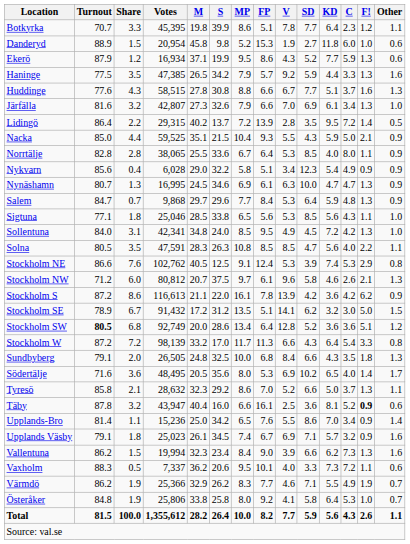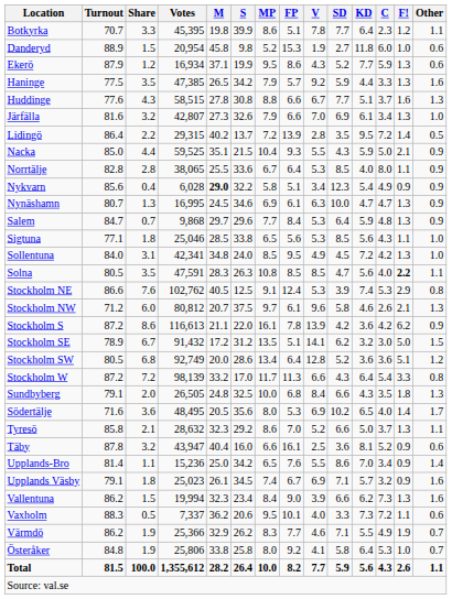 <table class="wikitable sortable" style=text-align:right>
 <tr>
 <th>Location</th>
 <th>Turnout</th>
 <th>Share</th>
 <th>Votes</th>
 <th><a href='#'>M</a></th>
 <th><a href='#'>S</a></th>
 <th><a href='#'>MP</a></th>
 <th><a href='#'>FP</a></th>
 <th><a href='#'>V</a></th>
 <th><a href='#'>SD</a></th>
 <th><a href='#'>KD</a></th>
 <th><a href='#'>C</a></th>
 <th><a href='#'>F!</a></th>
 <th>Other</th>
 </tr>
 <tr>
 <td align=left><a href='#'>Botkyrka</a></td>
 <td>70.7</td>
 <td>3.3</td>
 <td>45,395</td>
 <td>19.8</td>
 <td>39.9</td>
 <td>8.6</td>
 <td>5.1</td>
 <td>7.8</td>
 <td>7.7</td>
 <td>6.4</td>
 <td>2.3</td>
 <td>1.2</td>
 <td>1.1</td>
 </tr>
 <tr>
 <td align=left><a href='#'>Danderyd</a></td>
 <td>88.9</td>
 <td>1.5</td>
 <td>20,954</td>
 <td>45.8</td>
 <td>9.8</td>
 <td>5.2</td>
 <td>15.3</td>
 <td>1.9</td>
 <td>2.7</td>
 <td>11.8</td>
 <td>6.0</td>
 <td>1.0</td>
 <td>0.6</td>
 </tr>
 <tr>
 <td align=left><a href='#'>Ekerö</a></td>
 <td>87.9</td>
 <td>1.2</td>
 <td>16,934</td>
 <td>37.1</td>
 <td>19.9</td>
 <td>9.5</td>
 <td>8.6</td>
 <td>4.3</td>
 <td>5.2</td>
 <td>7.7</td>
 <td>5.9</td>
 <td>1.3</td>
 <td>0.6</td>
 </tr>
 <tr>
 <td align=left><a href='#'>Haninge</a></td>
 <td>77.5</td>
 <td>3.5</td>
 <td>47,385</td>
 <td>26.5</td>
 <td>34.2</td>
 <td>7.9</td>
 <td>5.7</td>
 <td>9.2</td>
 <td>5.9</td>
 <td>4.4</td>
 <td>3.3</td>
 <td>1.3</td>
 <td>1.6</td>
 </tr>
 <tr>
 <td align=left><a href='#'>Huddinge</a></td>
 <td>77.6</td>
 <td>4.3</td>
 <td>58,515</td>
 <td>27.8</td>
 <td>30.8</td>
 <td>8.8</td>
 <td>6.6</td>
 <td>6.7</td>
 <td>7.7</td>
 <td>5.1</td>
 <td>3.7</td>
 <td>1.6</td>
 <td>1.3</td>
 </tr>
 <tr>
 <td align=left><a href='#'>Järfälla</a></td>
 <td>81.6</td>
 <td>3.2</td>
 <td>42,807</td>
 <td>27.3</td>
 <td>32.6</td>
 <td>7.9</td>
 <td>6.6</td>
 <td>7.0</td>
 <td>6.9</td>
 <td>6.1</td>
 <td>3.4</td>
 <td>1.3</td>
 <td>1.0</td>
 </tr>
 <tr>
 <td align=left><a href='#'>Lidingö</a></td>
 <td>86.4</td>
 <td>2.2</td>
 <td>29,315</td>
 <td>40.2</td>
 <td>13.7</td>
 <td>7.2</td>
 <td>13.9</td>
 <td>2.8</td>
 <td>3.5</td>
 <td>9.5</td>
 <td>7.2</td>
 <td>1.4</td>
 <td>0.5</td>
 </tr>
 <tr>
 <td align=left><a href='#'>Nacka</a></td>
 <td>85.0</td>
 <td>4.4</td>
 <td>59,525</td>
 <td>35.1</td>
 <td>21.5</td>
 <td>10.4</td>
 <td>9.3</td>
 <td>5.5</td>
 <td>4.3</td>
 <td>5.9</td>
 <td>5.0</td>
 <td>2.1</td>
 <td>0.9</td>
 </tr>
 <tr>
 <td align=left><a href='#'>Norrtälje</a></td>
 <td>82.8</td>
 <td>2.8</td>
 <td>38,065</td>
 <td>25.5</td>
 <td>33.6</td>
 <td>6.7</td>
 <td>6.4</td>
 <td>5.3</td>
 <td>8.5</td>
 <td>4.0</td>
 <td>8.0</td>
 <td>1.1</td>
 <td>0.9</td>
 </tr>
 <tr>
 <td align=left><a href='#'>Nykvarn</a></td>
 <td>85.6</td>
 <td>0.4</td>
 <td>6,028</td>
-<td>29.0</td>
+<td><strong>29.0</strong></td>
 <td>32.2</td>
 <td>5.8</td>
 <td>5.1</td>
 <td>3.4</td>
 <td>12.3</td>
 <td>5.4</td>
 <td>4.9</td>
 <td>0.9</td>
 <td>0.9</td>
 </tr>
 <tr>
 <td align=left><a href='#'>Nynäshamn</a></td>
 <td>80.7</td>
 <td>1.3</td>
 <td>16,995</td>
 <td>24.5</td>
 <td>34.6</td>
 <td>6.9</td>
 <td>6.1</td>
 <td>6.3</td>
 <td>10.0</td>
 <td>4.7</td>
 <td>4.7</td>
 <td>1.3</td>
 <td>0.9</td>
 </tr>
 <tr>
 <td align=left><a href='#'>Salem</a></td>
 <td>84.7</td>
 <td>0.7</td>
 <td>9,868</td>
 <td>29.7</td>
 <td>29.6</td>
 <td>7.7</td>
 <td>8.4</td>
 <td>5.3</td>
 <td>6.4</td>
 <td>5.9</td>
 <td>4.8</td>
 <td>1.3</td>
 <td>0.9</td>
 </tr>
 <tr>
 <td align=left><a href='#'>Sigtuna</a></td>
 <td>77.1</td>
 <td>1.8</td>
 <td>25,046</td>
 <td>28.5</td>
 <td>33.8</td>
 <td>6.5</td>
 <td>5.6</td>
 <td>5.3</td>
 <td>8.5</td>
 <td>5.6</td>
 <td>4.3</td>
 <td>1.1</td>
 <td>1.0</td>
 </tr>
 <tr>
 <td align=left><a href='#'>Sollentuna</a></td>
 <td>84.0</td>
 <td>3.1</td>
 <td>42,341</td>
 <td>34.8</td>
 <td>24.0</td>
 <td>8.5</td>
 <td>9.5</td>
 <td>4.9</td>
 <td>4.5</td>
 <td>7.2</td>
 <td>4.2</td>
 <td>1.3</td>
 <td>1.0</td>
 </tr>
 <tr>
 <td align=left><a href='#'>Solna</a></td>
 <td>80.5</td>
 <td>3.5</td>
 <td>47,591</td>
 <td>28.3</td>
 <td>26.3</td>
 <td>10.8</td>
 <td>8.5</td>
 <td>8.5</td>
 <td>4.7</td>
 <td>5.6</td>
 <td>4.0</td>
-<td>2.2</td>
+<td><strong>2.2</strong></td>
 <td>1.1</td>
 </tr>
 <tr>
 <td align=left><a href='#'>Stockholm NE</a></td>
 <td>86.6</td>
 <td>7.6</td>
 <td>102,762</td>
 <td>40.5</td>
 <td>12.5</td>
 <td>9.1</td>
 <td>12.4</td>
 <td>5.3</td>
 <td>3.9</td>
 <td>7.4</td>
 <td>5.3</td>
 <td>2.9</td>
 <td>0.8</td>
 </tr>
 <tr>
 <td align=left><a href='#'>Stockholm NW</a></td>
 <td>71.2</td>
 <td>6.0</td>
 <td>80,812</td>
 <td>20.7</td>
 <td>37.5</td>
 <td>9.7</td>
 <td>6.1</td>
 <td>9.6</td>
 <td>5.8</td>
 <td>4.6</td>
 <td>2.6</td>
 <td>2.1</td>
 <td>1.3</td>
 </tr>
 <tr>
 <td align=left><a href='#'>Stockholm S</a></td>
 <td>87.2</td>
 <td>8.6</td>
 <td>116,613</td>
 <td>21.1</td>
 <td>22.0</td>
 <td>16.1</td>
 <td>7.8</td>
 <td>13.9</td>
 <td>4.2</td>
 <td>3.6</td>
 <td>4.2</td>
 <td>6.2</td>
 <td>0.9</td>
 </tr>
 <tr>
 <td align=left><a href='#'>Stockholm SE</a></td>
 <td>78.9</td>
 <td>6.7</td>
 <td>91,432</td>
 <td>17.2</td>
 <td>31.2</td>
 <td>13.5</td>
 <td>5.1</td>
 <td>14.1</td>
 <td>6.2</td>
 <td>3.2</td>
 <td>3.0</td>
 <td>5.0</td>
 <td>1.5</td>
 </tr>
 <tr>
 <td align=left><a href='#'>Stockholm SW</a></td>
-<td><strong>80.5</strong></td>
+<td>80.5</td>
 <td>6.8</td>
 <td>92,749</td>
 <td>20.0</td>
 <td>28.6</td>
 <td>13.4</td>
 <td>6.4</td>
 <td>12.8</td>
 <td>5.2</td>
 <td>3.6</td>
 <td>3.6</td>
 <td>5.1</td>
 <td>1.2</td>
 </tr>
 <tr>
 <td align=left><a href='#'>Stockholm W</a></td>
 <td>87.2</td>
 <td>7.2</td>
 <td>98,139</td>
 <td>33.2</td>
 <td>17.0</td>
 <td>11.7</td>
 <td>11.3</td>
 <td>6.6</td>
 <td>4.3</td>
 <td>6.4</td>
 <td>5.4</td>
 <td>3.3</td>
 <td>0.8</td>
 </tr>
 <tr>
 <td align=left><a href='#'>Sundbyberg</a></td>
 <td>79.1</td>
 <td>2.0</td>
 <td>26,505</td>
 <td>24.8</td>
 <td>32.5</td>
 <td>10.0</td>
 <td>6.8</td>
 <td>8.4</td>
 <td>6.6</td>
 <td>4.3</td>
 <td>3.5</td>
 <td>1.8</td>
 <td>1.3</td>
 </tr>
 <tr>
 <td align=left><a href='#'>Södertälje</a></td>
 <td>71.6</td>
 <td>3.6</td>
 <td>48,495</td>
 <td>20.5</td>
 <td>35.6</td>
 <td>8.0</td>
 <td>5.3</td>
 <td>6.9</td>
 <td>10.2</td>
 <td>6.5</td>
 <td>4.0</td>
 <td>1.4</td>
 <td>1.7</td>
 </tr>
 <tr>
 <td align=left><a href='#'>Tyresö</a></td>
 <td>85.8</td>
 <td>2.1</td>
 <td>28,632</td>
 <td>32.3</td>
 <td>29.2</td>
 <td>8.6</td>
 <td>7.0</td>
 <td>5.2</td>
 <td>6.6</td>
 <td>5.0</td>
 <td>3.7</td>
 <td>1.3</td>
 <td>1.1</td>
 </tr>
 <tr>
 <td align=left><a href='#'>Täby</a></td>
 <td>87.8</td>
 <td>3.2</td>
 <td>43,947</td>
 <td>40.4</td>
 <td>16.0</td>
 <td>6.6</td>
 <td>16.1</td>
 <td>2.5</td>
 <td>3.6</td>
 <td>8.1</td>
 <td>5.2</td>
-<td><strong>0.9</strong></td>
+<td>0.9</td>
 <td>0.6</td>
 </tr>
 <tr>
 <td align=left><a href='#'>Upplands-Bro</a></td>
 <td>81.4</td>
 <td>1.1</td>
 <td>15,236</td>
 <td>25.0</td>
 <td>34.2</td>
 <td>6.5</td>
 <td>7.6</td>
 <td>5.5</td>
 <td>8.6</td>
 <td>7.0</td>
 <td>3.4</td>
 <td>0.9</td>
 <td>1.4</td>
 </tr>
 <tr>
 <td align=left><a href='#'>Upplands Väsby</a></td>
 <td>79.1</td>
 <td>1.8</td>
 <td>25,023</td>
 <td>26.1</td>
 <td>34.5</td>
 <td>7.4</td>
 <td>6.7</td>
 <td>6.9</td>
 <td>7.1</td>
 <td>5.7</td>
 <td>3.2</td>
 <td>0.9</td>
 <td>1.6</td>
 </tr>
 <tr>
 <td align=left><a href='#'>Vallentuna</a></td>
 <td>86.2</td>
 <td>1.5</td>
 <td>19,994</td>
 <td>32.3</td>
 <td>23.4</td>
 <td>8.4</td>
 <td>9.0</td>
 <td>3.9</td>
 <td>6.6</td>
 <td>6.2</td>
 <td>7.3</td>
 <td>1.3</td>
 <td>1.6</td>
 </tr>
 <tr>
 <td align=left><a href='#'>Vaxholm</a></td>
 <td>88.3</td>
 <td>0.5</td>
 <td>7,337</td>
 <td>36.2</td>
 <td>20.6</td>
 <td>9.5</td>
 <td>10.1</td>
 <td>4.0</td>
 <td>3.3</td>
 <td>7.3</td>
 <td>7.2</td>
 <td>1.1</td>
 <td>0.6</td>
 </tr>
 <tr>
 <td align=left><a href='#'>Värmdö</a></td>
 <td>86.2</td>
 <td>1.9</td>
 <td>25,366</td>
 <td>32.9</td>
 <td>26.2</td>
 <td>8.3</td>
 <td>7.7</td>
 <td>4.6</td>
 <td>7.1</td>
 <td>5.5</td>
 <td>4.9</td>
 <td>1.9</td>
 <td>0.7</td>
 </tr>
 <tr>
 <td align=left><a href='#'>Österåker</a></td>
 <td>84.8</td>
 <td>1.9</td>
 <td>25,806</td>
 <td>33.8</td>
 <td>25.8</td>
 <td>8.0</td>
 <td>9.2</td>
 <td>4.1</td>
 <td>5.8</td>
 <td>6.4</td>
 <td>5.3</td>
 <td>1.0</td>
 <td>0.7</td>
 </tr>
 <tr>
 <td align=left><strong>Total</strong></td>
 <td><strong>81.5</strong></td>
 <td><strong>100.0</strong></td>
 <td><strong>1,355,612</strong></td>
 <td><strong>28.2</strong></td>
 <td><strong>26.4</strong></td>
 <td><strong>10.0</strong></td>
 <td><strong>8.2</strong></td>
 <td><strong>7.7</strong></td>
 <td><strong>5.9</strong></td>
 <td><strong>5.6</strong></td>
 <td><strong>4.3</strong></td>
 <td><strong>2.6</strong></td>
 <td><strong>1.1</strong></td>
 </tr>
 <tr>
 <td align=left colspan=14>Source: val.se</td>
 </tr>
 </table>
